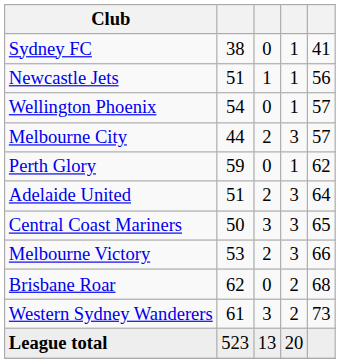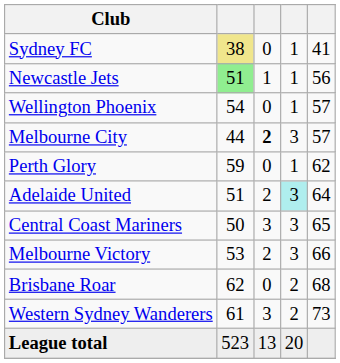 <table class="wikitable sortable" style="text-align:center">
 <tr>
 <th>Club</th>
 <th></th>
 <th></th>
 <th></th>
 <th></th>
 </tr>
 <tr>
 <td align="left"><a href='#'>Sydney FC</a></td>
-<td>38</td>
+<td style="background: khaki;">38</td>
 <td>0</td>
 <td>1</td>
 <td>41</td>
 </tr>
 <tr>
 <td align="left"><a href='#'>Newcastle Jets</a></td>
-<td>51</td>
+<td style="background: lightgreen;">51</td>
 <td>1</td>
 <td>1</td>
 <td>56</td>
 </tr>
 <tr>
 <td align="left"><a href='#'>Wellington Phoenix</a></td>
 <td>54</td>
 <td>0</td>
 <td>1</td>
 <td>57</td>
 </tr>
 <tr>
 <td align="left"><a href='#'>Melbourne City</a></td>
 <td>44</td>
-<td>2</td>
+<td><strong>2</strong></td>
 <td>3</td>
 <td>57</td>
 </tr>
 <tr>
 <td align="left"><a href='#'>Perth Glory</a></td>
 <td>59</td>
 <td>0</td>
 <td>1</td>
 <td>62</td>
 </tr>
 <tr>
 <td align="left"><a href='#'>Adelaide United</a></td>
 <td>51</td>
 <td>2</td>
-<td>3</td>
+<td style="background: paleturquoise;">3</td>
 <td>64</td>
 </tr>
 <tr>
 <td align="left"><a href='#'>Central Coast Mariners</a></td>
 <td>50</td>
 <td>3</td>
 <td>3</td>
 <td>65</td>
 </tr>
 <tr>
 <td align="left"><a href='#'>Melbourne Victory</a></td>
 <td>53</td>
 <td>2</td>
 <td>3</td>
 <td>66</td>
 </tr>
 <tr>
 <td align="left"><a href='#'>Brisbane Roar</a></td>
 <td>62</td>
 <td>0</td>
 <td>2</td>
 <td>68</td>
 </tr>
 <tr>
 <td align="left"><a href='#'>Western Sydney Wanderers</a></td>
 <td>61</td>
 <td>3</td>
 <td>2</td>
 <td>73</td>
 </tr>
 <tr class="sortbottom" style="background:#eeeeee;">
 <td align="left"><strong>League total</strong></td>
 <td>523</td>
 <td>13</td>
 <td>20</td>
 <td></td>
 </tr>
 <tr>
 </tr>
 </table>
